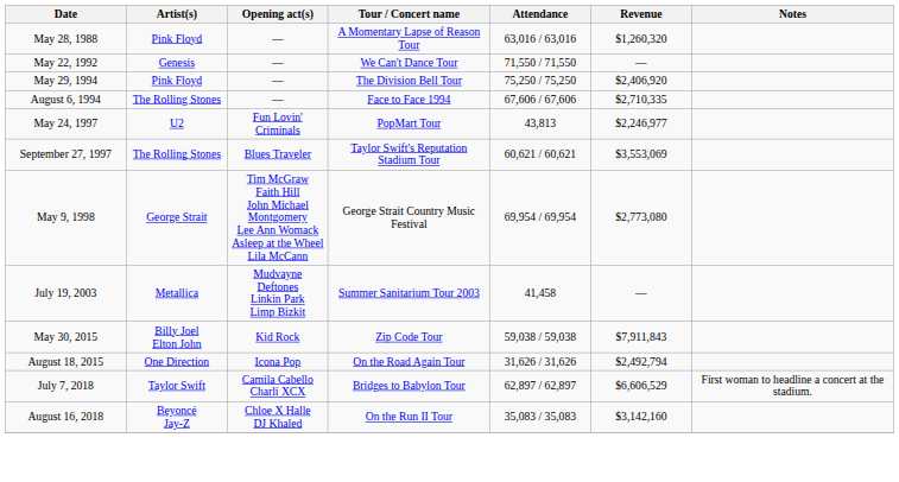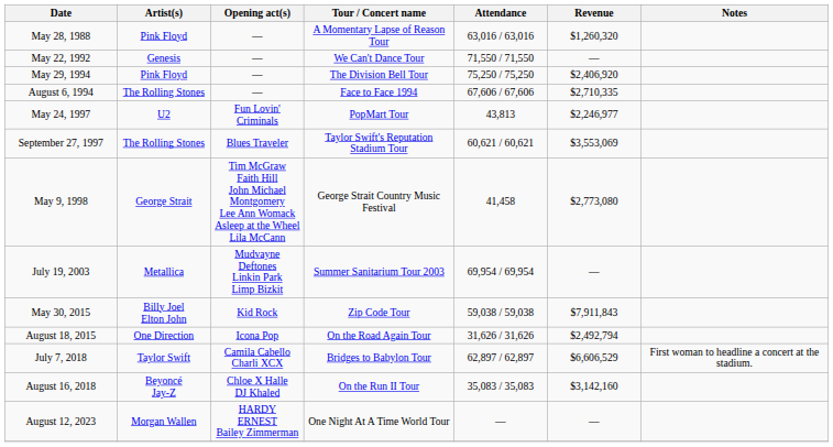 <table class="wikitable" style="text-align:center">
 <tr>
 <th width=12%>Date</th>
 <th width=10%>Artist(s)</th>
 <th width=10%>Opening act(s)</th>
 <th width=16%>Tour / Concert name</th>
 <th width=10%>Attendance</th>
 <th width=10%>Revenue</th>
 <th width=20%>Notes</th>
 </tr>
 <tr>
 <td>May 28, 1988</td>
 <td><a href='#'>Pink Floyd</a></td>
 <td>—</td>
 <td><a href='#'>A Momentary Lapse of Reason Tour</a></td>
 <td>63,016 / 63,016</td>
 <td>$1,260,320</td>
 <td></td>
 </tr>
 <tr>
 <td>May 22, 1992</td>
 <td><a href='#'>Genesis</a></td>
 <td>—</td>
 <td><a href='#'>We Can't Dance Tour</a></td>
 <td>71,550 / 71,550</td>
 <td>—</td>
 <td></td>
 </tr>
 <tr>
 <td>May 29, 1994</td>
 <td><a href='#'>Pink Floyd</a></td>
 <td>—</td>
 <td><a href='#'>The Division Bell Tour</a></td>
 <td>75,250 / 75,250</td>
 <td>$2,406,920</td>
 <td></td>
 </tr>
 <tr>
 <td>August 6, 1994</td>
 <td><a href='#'>The Rolling Stones</a></td>
 <td>—</td>
 <td><a href='#'>Face to Face 1994</a></td>
 <td>67,606 / 67,606</td>
 <td>$2,710,335</td>
 <td></td>
 </tr>
 <tr>
 <td>May 24, 1997</td>
 <td><a href='#'>U2</a></td>
 <td><a href='#'>Fun Lovin' Criminals</a></td>
 <td><a href='#'>PopMart Tour</a></td>
 <td>43,813</td>
 <td>$2,246,977</td>
 <td></td>
 </tr>
 <tr>
 <td>September 27, 1997</td>
 <td><a href='#'>The Rolling Stones</a></td>
 <td><a href='#'>Blues Traveler</a></td>
 <td><a href='#'>Taylor Swift's Reputation Stadium Tour</a></td>
 <td>60,621 / 60,621</td>
 <td>$3,553,069</td>
 <td></td>
 </tr>
 <tr>
 <td>May 9, 1998</td>
 <td><a href='#'>George Strait</a></td>
 <td><a href='#'>Tim McGraw</a><br><a href='#'>Faith Hill</a><br><a href='#'>John Michael Montgomery</a><br><a href='#'>Lee Ann Womack</a><br><a href='#'>Asleep at the Wheel</a><br><a href='#'>Lila McCann</a></td>
 <td>George Strait Country Music Festival</td>
-<td>69,954 / 69,954</td>
+<td>41,458</td>
 <td>$2,773,080</td>
 <td></td>
 </tr>
 <tr>
 <td>July 19, 2003</td>
 <td><a href='#'>Metallica</a></td>
 <td><a href='#'>Mudvayne</a><br><a href='#'>Deftones</a><br><a href='#'>Linkin Park</a><br><a href='#'>Limp Bizkit</a></td>
 <td><a href='#'>Summer Sanitarium Tour 2003</a></td>
-<td>41,458</td>
+<td>69,954 / 69,954</td>
 <td>—</td>
 <td></td>
 </tr>
 <tr>
 <td>May 30, 2015</td>
 <td><a href='#'>Billy Joel</a><br><a href='#'>Elton John</a></td>
 <td><a href='#'>Kid Rock</a></td>
 <td><a href='#'>Zip Code Tour</a></td>
 <td>59,038 / 59,038</td>
 <td>$7,911,843</td>
 <td></td>
 </tr>
 <tr>
 <td>August 18, 2015</td>
 <td><a href='#'>One Direction</a></td>
 <td><a href='#'>Icona Pop</a></td>
 <td><a href='#'>On the Road Again Tour</a></td>
 <td>31,626 / 31,626</td>
 <td>$2,492,794</td>
 <td></td>
 </tr>
 <tr>
 <td>July 7, 2018</td>
 <td><a href='#'>Taylor Swift</a></td>
 <td><a href='#'>Camila Cabello</a><br><a href='#'>Charli XCX</a></td>
 <td><a href='#'>Bridges to Babylon Tour</a></td>
 <td>62,897 / 62,897</td>
 <td>$6,606,529</td>
 <td>First woman to headline a concert at the stadium.</td>
 </tr>
 <tr>
 <td>August 16, 2018</td>
 <td><a href='#'>Beyoncé</a><br><a href='#'>Jay-Z</a></td>
 <td><a href='#'>Chloe X Halle</a><br><a href='#'>DJ Khaled</a></td>
 <td><a href='#'>On the Run II Tour</a></td>
 <td>35,083 / 35,083</td>
 <td>$3,142,160</td>
 <td></td>
 </tr>
 <tr>
+<td>August 12, 2023</td>
+<td><a href='#'>Morgan Wallen</a></td>
+<td><a href='#'>HARDY</a> <br> <a href='#'>ERNEST</a> <br> <a href='#'>Bailey Zimmerman</a></td>
+<td>One Night At A Time World Tour</td>
+<td>—</td>
+<td>—</td>
+<td></td>
+</tr>
+<tr>
 </tr>
 </table>
